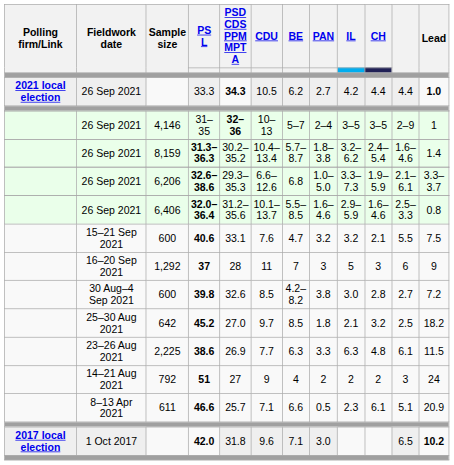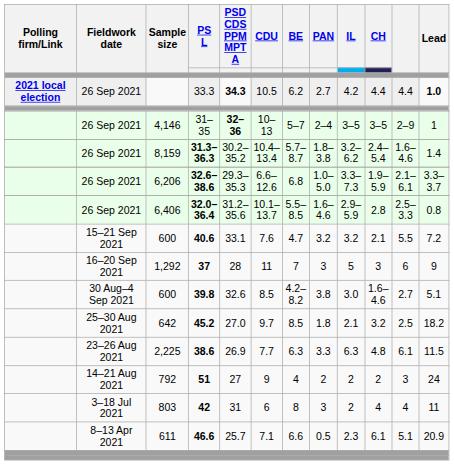 <table class="wikitable sortable mw-datatable" style="text-align:center;font-size:90%;line-height:16px;">
 <tr style="height:42px;">
 <th style="width:145px;" rowspan="2">Polling firm/Link</th>
 <th style="width:125px;" rowspan="2">Fieldwork date</th>
 <th class="unsortable" style="width:50px;" rowspan="2">Sample size</th>
 <th class="unsortable" style="width:35px;"><a href='#'>PS</a><br><a href='#'>L</a></th>
 <th class="unsortable" style="width:35px;"><a href='#'>PSD</a><br><a href='#'>CDS</a><br><a href='#'>PPM</a><br><a href='#'>MPT</a><br><a href='#'>A</a></th>
 <th class="unsortable" style="width:35px;"><a href='#'>CDU</a></th>
 <th class="unsortable" style="width:35px;"><a href='#'>BE</a></th>
 <th class="unsortable" style="width:35px;"><a href='#'>PAN</a></th>
 <th class="unsortable" style="width:35px;"><a href='#'>IL</a></th>
 <th class="unsortable" style="width:35px;"><a href='#'>CH</a></th>
 <th class="unsortable" style="width:35px;" rowspan="2"></th>
 <th class="unsortable" style="width:30px;" rowspan="2">Lead</th>
 </tr>
 <tr>
 <th class="unsortable" style="color:inherit;background:"></th>
 <th class="unsortable" style="color:inherit;background:"></th>
 <th class="unsortable" style="color:inherit;background:"></th>
 <th class="unsortable" style="color:inherit;background:"></th>
 <th class="sortable" style="background:"></th>
 <th class="sortable" style="background:#00ADEF;"></th>
 <th class="sortable" style="background:#202056;"></th>
 </tr>
 <tr>
 <td colspan="12" style="background:#A0A0A0"></td>
 </tr>
 <tr>
 <td style="background:#EFEFEF;"><strong><a href='#'>2021 local election</a></strong></td>
 <td style="background:#EFEFEF;" data-sort-value="2019-10-06">26 Sep 2021</td>
 <td></td>
 <td style="background:#EFEFEF;">33.3<br></td>
 <td><strong>34.3</strong><br></td>
 <td style="background:#EFEFEF;">10.5<br></td>
 <td style="background:#EFEFEF;">6.2<br></td>
 <td style="background:#EFEFEF;">2.7<br></td>
 <td style="background:#EFEFEF;">4.2<br></td>
 <td style="background:#EFEFEF;">4.4<br></td>
 <td style="background:#EFEFEF;">4.4<br></td>
 <td style="background:"><strong>1.0</strong></td>
 </tr>
 <tr>
 <td colspan="12" style="background:#A0A0A0"></td>
 </tr>
 <tr>
 </tr>
 <tr style="background:#EAFFEA"|>
 <td></td>
 <td data-sort-value="2019-10-06">26 Sep 2021</td>
 <td>4,146</td>
 <td>31–35<br></td>
 <td><strong>32–36</strong><br></td>
 <td>10–13<br></td>
 <td>5–7<br></td>
 <td>2–4<br></td>
 <td>3–5<br></td>
 <td>3–5<br></td>
 <td>2–9<br></td>
 <td style="background:">1</td>
 </tr>
 <tr>
 </tr>
 <tr style="background:#EAFFEA"|>
 <td></td>
 <td data-sort-value="2019-10-06">26 Sep 2021</td>
 <td>8,159</td>
 <td><strong>31.3–<br>36.3</strong><br></td>
 <td>30.2–<br>35.2<br></td>
 <td>10.4–<br>13.4<br></td>
 <td>5.7–<br>8.7<br></td>
 <td>1.8–<br>3.8<br></td>
 <td>3.2–<br>6.2<br></td>
 <td>2.4–<br>5.4<br></td>
 <td>1.6–<br>4.6<br></td>
 <td style="background:">1.4</td>
 </tr>
 <tr>
 </tr>
 <tr style="background:#EAFFEA"|>
 <td></td>
 <td data-sort-value="2019-10-06">26 Sep 2021</td>
 <td>6,206</td>
 <td><strong>32.6–<br>38.6</strong><br></td>
 <td>29.3–<br>35.3<br></td>
 <td>6.6–<br>12.6<br></td>
 <td align="center">6.8<br></td>
 <td>1.0–<br>5.0<br></td>
 <td>3.3–<br>7.3<br></td>
 <td>1.9–<br>5.9<br></td>
 <td>2.1–<br>6.1<br></td>
 <td style="background:">3.3–<br>3.7</td>
 </tr>
 <tr>
 </tr>
 <tr style="background:#EAFFEA"|>
 <td></td>
 <td data-sort-value="2019-10-06">26 Sep 2021</td>
 <td>6,406</td>
 <td><strong>32.0–<br>36.4</strong><br></td>
 <td>31.2–<br>35.6<br></td>
 <td>10.1–<br>13.7<br></td>
 <td>5.5–<br>8.5<br></td>
 <td>1.6–<br>4.6<br></td>
 <td>2.9–<br>5.9<br></td>
-<td>1.6–<br>4.6<br></td>
+<td align="center">2.8<br></td>
 <td>2.5–<br>3.3<br></td>
 <td style="background:">0.8</td>
 </tr>
 <tr>
 <td align="center"><br></td>
 <td align="center">15–21 Sep 2021</td>
 <td>600</td>
 <td align="center" ><strong>40.6</strong><br></td>
 <td align="center">33.1<br></td>
 <td align="center">7.6<br></td>
 <td align="center">4.7<br></td>
 <td align="center">3.2<br></td>
 <td align="center">3.2<br></td>
 <td align="center">2.1<br></td>
 <td align="center">5.5<br></td>
-<td style="background:">7.5</td>
+<td style="background:">7.2</td>
 </tr>
 <tr>
 <td align="center"><br></td>
 <td align="center">16–20 Sep 2021</td>
 <td>1,292</td>
 <td align="center" ><strong>37</strong><br></td>
 <td align="center">28<br></td>
 <td align="center">11<br></td>
 <td align="center">7<br></td>
 <td align="center">3<br></td>
 <td align="center">5<br></td>
 <td align="center">3<br></td>
 <td align="center">6<br></td>
 <td style="background:">9</td>
 </tr>
 <tr>
 <td align="center"><br></td>
 <td align="center">30 Aug–4 Sep 2021</td>
 <td>600</td>
 <td align="center" ><strong>39.8</strong><br></td>
 <td align="center">32.6<br></td>
 <td align="center">8.5<br></td>
 <td>4.2–<br>8.2<br></td>
 <td align="center">3.8<br></td>
 <td align="center">3.0<br></td>
-<td align="center">2.8<br></td>
+<td>1.6–<br>4.6<br></td>
 <td align="center">2.7<br></td>
-<td style="background:">7.2</td>
+<td style="background:">5.1</td>
 </tr>
 <tr>
 <td align="center"><br></td>
 <td align="center">25–30 Aug 2021</td>
 <td>642</td>
 <td align="center" ><strong>45.2</strong><br></td>
 <td align="center">27.0<br></td>
 <td align="center">9.7<br></td>
 <td align="center">8.5<br></td>
 <td align="center">1.8<br></td>
 <td align="center">2.1<br></td>
 <td align="center">3.2<br></td>
 <td align="center">2.5<br></td>
 <td style="background:">18.2</td>
 </tr>
 <tr>
 <td align="center"><br></td>
 <td align="center">23–26 Aug 2021</td>
 <td>2,225</td>
 <td align="center" ><strong>38.6</strong><br></td>
 <td align="center">26.9<br></td>
 <td align="center">7.7<br></td>
 <td align="center">6.3<br></td>
 <td align="center">3.3<br></td>
 <td align="center">6.3<br></td>
 <td align="center">4.8<br></td>
 <td align="center">6.1<br></td>
 <td style="background:">11.5</td>
 </tr>
 <tr>
 <td align="center"></td>
 <td align="center">14–21 Aug 2021</td>
 <td>792</td>
 <td align="center" ><strong>51</strong></td>
 <td align="center">27</td>
 <td align="center">9</td>
 <td align="center">4</td>
 <td align="center">2</td>
 <td align="center">2</td>
 <td align="center">2</td>
 <td align="center">3</td>
 <td style="background:">24</td>
 </tr>
 <tr>
 <td align="center"></td>
+<td align="center">3–18 Jul 2021</td>
+<td>803</td>
+<td align="center" ><strong>42</strong></td>
+<td align="center">31</td>
+<td align="center">6</td>
+<td align="center">8</td>
+<td align="center">3</td>
+<td align="center">2</td>
+<td align="center">4</td>
+<td align="center">4</td>
+<td style="background:">11</td>
+</tr>
+<tr>
+<td align="center"></td>
 <td align="center">8–13 Apr 2021</td>
 <td>611</td>
 <td align="center" ><strong>46.6</strong></td>
 <td align="center">25.7</td>
 <td align="center">7.1</td>
 <td align="center">6.6</td>
 <td align="center">0.5</td>
 <td align="center">2.3</td>
 <td align="center">6.1</td>
 <td align="center">5.1</td>
 <td style="background:">20.9</td>
 </tr>
 <tr>
 <td colspan="12" style="background:#A0A0A0"></td>
 </tr>
 <tr>
-<td style="background:#EFEFEF;"><strong><a href='#'>2017 local election</a></strong></td>
-<td style="background:#EFEFEF;" data-sort-value="2019-10-06">1 Oct 2017</td>
-<td></td>
-<td><strong>42.0</strong><br></td>
-<td style="background:#EFEFEF;">31.8<br></td>
-<td style="background:#EFEFEF;">9.6<br></td>
-<td style="background:#EFEFEF;">7.1<br></td>
-<td style="background:#EFEFEF;">3.0<br></td>
-<td></td>
-<td></td>
-<td style="background:#EFEFEF;">6.5</td>
-<td style="background:"><strong>10.2</strong></td>
-</tr>
-<tr>
 <td colspan="12" style="background:#A0A0A0"></td>
 </tr>
 </table>
